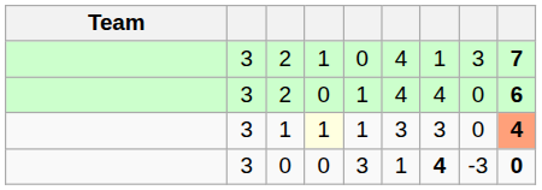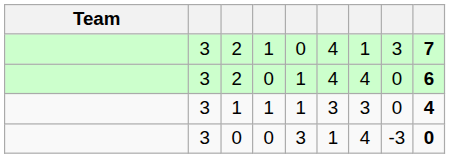 <table class="wikitable" style="text-align:center;">
 <tr>
 <th width=150>Team</th>
 <th width=20 abbr="Played"></th>
 <th width=20 abbr="Won"></th>
 <th width=20 abbr="Drawn"></th>
 <th width=20 abbr="Lost"></th>
 <th width=20 abbr="Goals for"></th>
 <th width=20 abbr="Goals against"></th>
 <th width=20 abbr="Goal difference"></th>
 <th width=20 abbr="Points"></th>
 </tr>
 <tr bgcolor="#ccffcc">
 <td align="left"></td>
 <td>3</td>
 <td>2</td>
 <td>1</td>
 <td>0</td>
 <td>4</td>
 <td>1</td>
 <td>3</td>
 <td><strong>7</strong></td>
 </tr>
 <tr bgcolor="#ccffcc">
 <td align="left"></td>
 <td>3</td>
 <td>2</td>
 <td>0</td>
 <td>1</td>
 <td>4</td>
 <td>4</td>
 <td>0</td>
 <td><strong>6</strong></td>
 </tr>
 <tr>
 <td align="left"></td>
 <td>3</td>
 <td>1</td>
-<td style="background: lightyellow;">1</td>
+<td>1</td>
 <td>1</td>
 <td>3</td>
 <td>3</td>
 <td>0</td>
-<td style="background: lightsalmon;"><strong>4</strong></td>
+<td><strong>4</strong></td>
 </tr>
 <tr>
 <td align="left"></td>
 <td>3</td>
 <td>0</td>
 <td>0</td>
 <td>3</td>
 <td>1</td>
-<td><strong>4</strong></td>
+<td>4</td>
 <td>-3</td>
 <td><strong>0</strong></td>
 </tr>
 </table>
